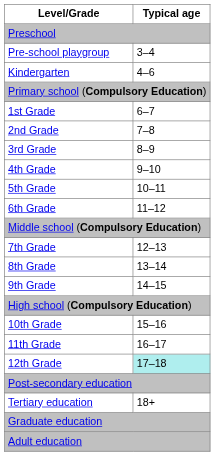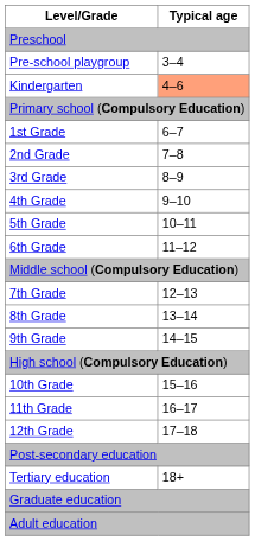 <table border="1" cellpadding="5" cellspacing="0" style="border-collapse:collapse;">
 <tr>
 <th>Level/Grade</th>
 <th>Typical age</th>
 </tr>
 <tr style="background:silver;">
 <td colspan=2><a href='#'>Preschool</a></td>
 </tr>
 <tr>
 <td><a href='#'>Pre-school playgroup</a></td>
 <td>3–4</td>
 </tr>
 <tr>
 <td><a href='#'>Kindergarten</a></td>
-<td>4–6</td>
+<td style="background: lightsalmon;">4–6</td>
 </tr>
 <tr style="background:silver;">
 <td colspan=2><a href='#'>Primary school</a> (<strong>Compulsory Education</strong>)</td>
 </tr>
 <tr>
 <td><a href='#'>1st Grade</a></td>
 <td>6–7</td>
 </tr>
 <tr>
 <td><a href='#'>2nd Grade</a></td>
 <td>7–8</td>
 </tr>
 <tr>
 <td><a href='#'>3rd Grade</a></td>
 <td>8–9</td>
 </tr>
 <tr>
 <td><a href='#'>4th Grade</a></td>
 <td>9–10</td>
 </tr>
 <tr>
 <td><a href='#'>5th Grade</a></td>
 <td>10–11</td>
 </tr>
 <tr>
 <td><a href='#'>6th Grade</a></td>
 <td>11–12</td>
 </tr>
 <tr style="background:silver;">
 <td colspan=2><a href='#'>Middle school</a> (<strong>Compulsory Education</strong>)</td>
 </tr>
 <tr>
 <td><a href='#'>7th Grade</a></td>
 <td>12–13</td>
 </tr>
 <tr>
 <td><a href='#'>8th Grade</a></td>
 <td>13–14</td>
 </tr>
 <tr>
 <td><a href='#'>9th Grade</a></td>
 <td>14–15</td>
 </tr>
 <tr style="background:silver;">
 <td colspan=2><a href='#'>High school</a> (<strong>Compulsory Education</strong>)</td>
 </tr>
 <tr>
 <td><a href='#'>10th Grade</a></td>
 <td>15–16</td>
 </tr>
 <tr>
 <td><a href='#'>11th Grade</a></td>
 <td>16–17</td>
 </tr>
 <tr>
 <td><a href='#'>12th Grade</a></td>
-<td style="background: paleturquoise;">17–18</td>
+<td>17–18</td>
 </tr>
 <tr style="background:silver;">
 <td colspan=2><a href='#'>Post-secondary education</a></td>
 </tr>
 <tr>
 <td><a href='#'>Tertiary education</a></td>
 <td>18+</td>
 </tr>
 <tr style="background:silver;">
 <td colspan=2><a href='#'>Graduate education</a></td>
 </tr>
 <tr style="background:silver;">
 <td colspan=2><a href='#'>Adult education</a></td>
 </tr>
 </table>
